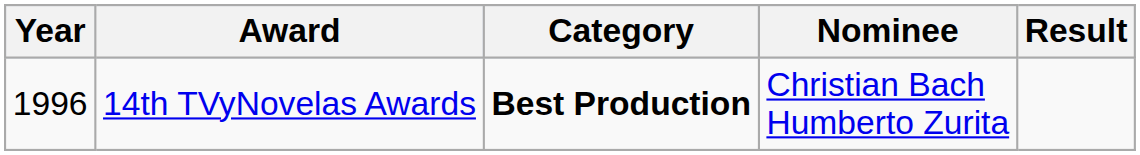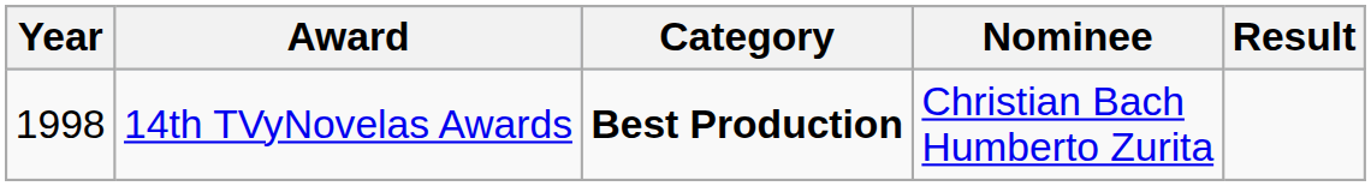 <table class="wikitable">
 <tr style="background:#b0c4de;">
 <th>Year</th>
 <th>Award</th>
 <th>Category</th>
 <th>Nominee</th>
 <th>Result</th>
 </tr>
 <tr>
-<td>1996</td>
+<td>1998</td>
 <td><a href='#'>14th TVyNovelas Awards</a></td>
 <td><strong>Best Production</strong></td>
 <td><a href='#'>Christian Bach</a><br> <a href='#'>Humberto Zurita</a></td>
 <td></td>
 </tr>
 </table>
